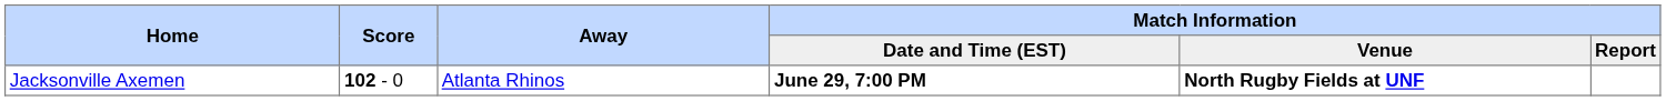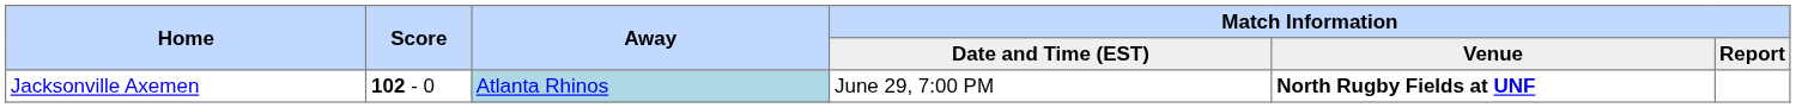 <table border="1" cellpadding="3" cellspacing="0" style="border-collapse:collapse; font-size:90%; width:100%">
 <tr style="background:#c1d8ff;">
 <th rowspan="2" style="width:21%;">Home</th>
 <th rowspan="2" style="width:6%;">Score</th>
 <th rowspan="2" style="width:21%;">Away</th>
 <th colspan="3">Match Information</th>
 </tr>
 <tr style="background:#efefef;">
 <th width="26%">Date and Time (EST)</th>
 <th width="26%">Venue</th>
 <td><strong>Report</strong></td>
 </tr>
 <tr>
 <td> <a href='#'>Jacksonville Axemen</a></td>
 <td><strong>102</strong> - 0</td>
-<td> <a href='#'>Atlanta Rhinos</a></td>
-<td><strong>June 29, 7:00 PM</strong></td>
+<td style="background: lightblue;"> <a href='#'>Atlanta Rhinos</a></td>
+<td>June 29, 7:00 PM</td>
 <td><strong>North Rugby Fields at <a href='#'>UNF</a></strong></td>
 <td></td>
 </tr>
 </table>
